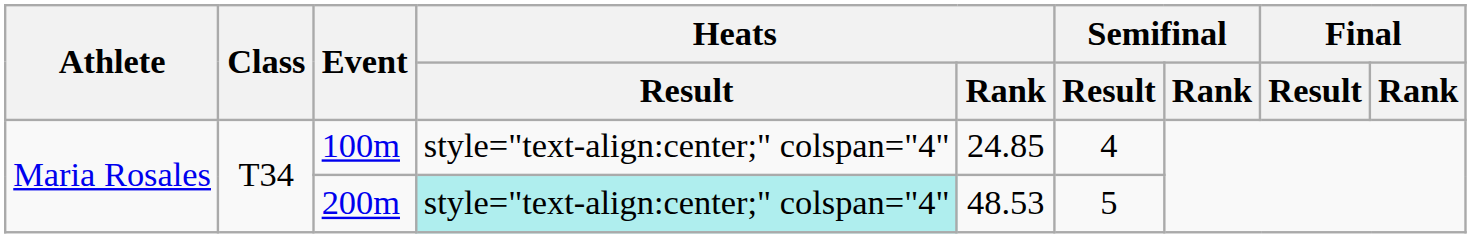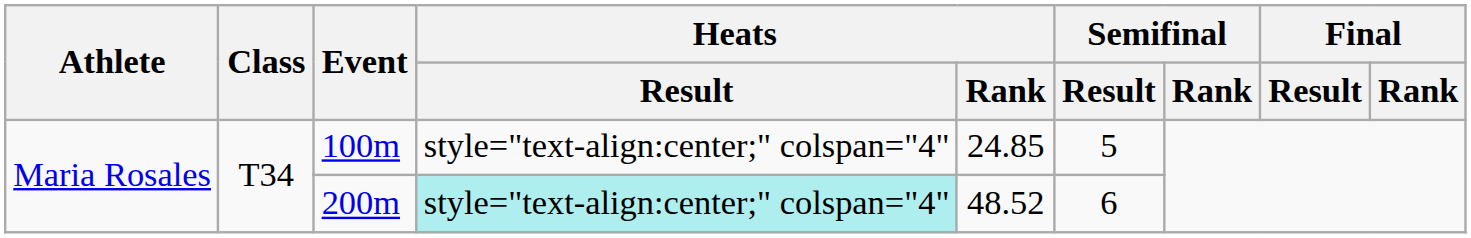 <table class=wikitable style="font-size:90%">
 <tr>
 <th rowspan="2">Athlete</th>
 <th rowspan="2">Class</th>
 <th rowspan="2">Event</th>
 <th colspan="2">Heats</th>
 <th colspan="2">Semifinal</th>
 <th colspan="2">Final</th>
 </tr>
 <tr>
 <th>Result</th>
 <th>Rank</th>
 <th>Result</th>
 <th>Rank</th>
 <th>Result</th>
 <th>Rank</th>
 </tr>
 <tr>
 <td rowspan="2"><a href='#'>Maria Rosales</a></td>
 <td rowspan="2" style="text-align:center;">T34</td>
 <td><a href='#'>100m</a></td>
 <td>style="text-align:center;" colspan="4" </td>
 <td style="text-align:center;">24.85</td>
-<td style="text-align:center;">4</td>
+<td style="text-align:center;">5</td>
 </tr>
 <tr>
 <td><a href='#'>200m</a></td>
 <td style="background: paleturquoise;">style="text-align:center;" colspan="4" </td>
-<td style="text-align:center;">48.53</td>
-<td style="text-align:center;">5</td>
+<td style="text-align:center;">48.52</td>
+<td style="text-align:center;">6</td>
 </tr>
 </table>
